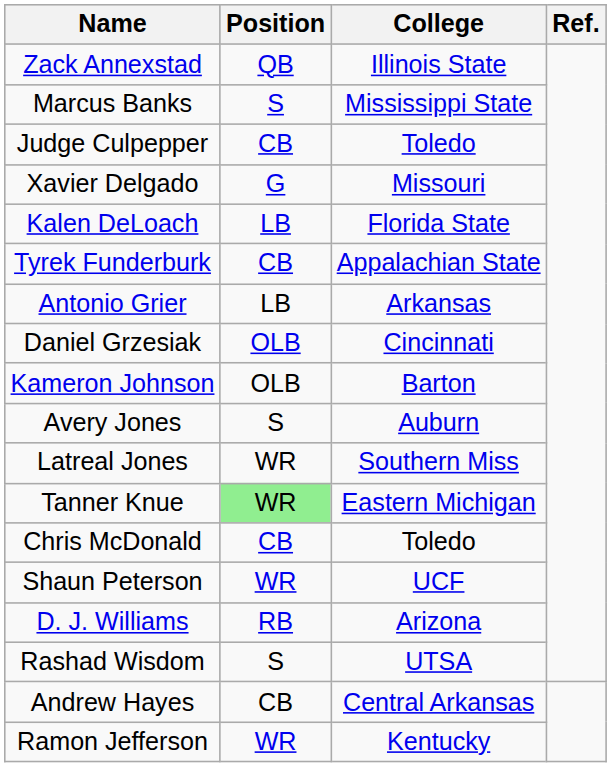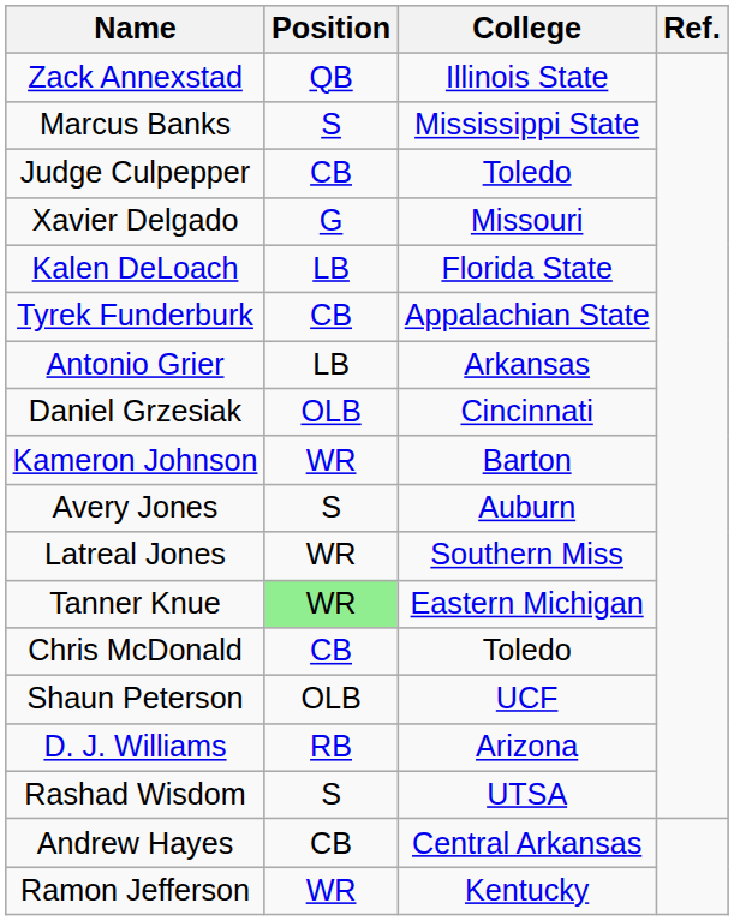 <table class="wikitable" style="text-align:center">
 <tr>
 <th>Name</th>
 <th>Position</th>
 <th>College</th>
 <th>Ref.</th>
 </tr>
 <tr>
 <td><a href='#'>Zack Annexstad</a></td>
 <td><a href='#'>QB</a></td>
 <td><a href='#'>Illinois State</a></td>
 <td rowspan="16"></td>
 </tr>
 <tr>
 <td>Marcus Banks</td>
 <td><a href='#'>S</a></td>
 <td><a href='#'>Mississippi State</a></td>
 </tr>
 <tr>
 <td>Judge Culpepper</td>
 <td><a href='#'>CB</a></td>
 <td><a href='#'>Toledo</a></td>
 </tr>
 <tr>
 <td>Xavier Delgado</td>
 <td><a href='#'>G</a></td>
 <td><a href='#'>Missouri</a></td>
 </tr>
 <tr>
 <td><a href='#'>Kalen DeLoach</a></td>
 <td><a href='#'>LB</a></td>
 <td><a href='#'>Florida State</a></td>
 </tr>
 <tr>
 <td><a href='#'>Tyrek Funderburk</a></td>
 <td><a href='#'>CB</a></td>
 <td><a href='#'>Appalachian State</a></td>
 </tr>
 <tr>
 <td><a href='#'>Antonio Grier</a></td>
 <td>LB</td>
 <td><a href='#'>Arkansas</a></td>
 </tr>
 <tr>
 <td>Daniel Grzesiak</td>
 <td><a href='#'>OLB</a></td>
 <td><a href='#'>Cincinnati</a></td>
 </tr>
 <tr>
 <td><a href='#'>Kameron Johnson</a></td>
-<td>OLB</td>
+<td><a href='#'>WR</a></td>
 <td><a href='#'>Barton</a></td>
 </tr>
 <tr>
 <td>Avery Jones</td>
 <td>S</td>
 <td><a href='#'>Auburn</a></td>
 </tr>
 <tr>
 <td>Latreal Jones</td>
 <td>WR</td>
 <td><a href='#'>Southern Miss</a></td>
 </tr>
 <tr>
 <td>Tanner Knue</td>
 <td style="background: lightgreen;">WR</td>
 <td><a href='#'>Eastern Michigan</a></td>
 </tr>
 <tr>
 <td>Chris McDonald</td>
 <td><a href='#'>CB</a></td>
 <td>Toledo</td>
 </tr>
 <tr>
 <td>Shaun Peterson</td>
-<td><a href='#'>WR</a></td>
+<td>OLB</td>
 <td><a href='#'>UCF</a></td>
 </tr>
 <tr>
 <td><a href='#'>D. J. Williams</a></td>
 <td><a href='#'>RB</a></td>
 <td><a href='#'>Arizona</a></td>
 </tr>
 <tr>
 <td>Rashad Wisdom</td>
 <td>S</td>
 <td><a href='#'>UTSA</a></td>
 </tr>
 <tr>
 <td>Andrew Hayes</td>
 <td>CB</td>
 <td><a href='#'>Central Arkansas</a></td>
 <td rowspan="2"></td>
 </tr>
 <tr>
 <td>Ramon Jefferson</td>
 <td><a href='#'>WR</a></td>
 <td><a href='#'>Kentucky</a></td>
 </tr>
 </table>
